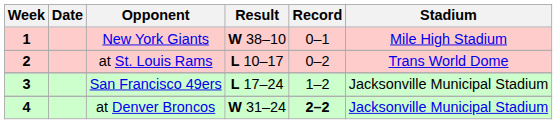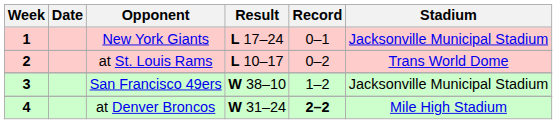 <table class="wikitable" style="text-align:center">
 <tr>
 <th>Week</th>
 <th>Date</th>
 <th>Opponent</th>
 <th>Result</th>
 <th>Record</th>
 <th>Stadium</th>
 </tr>
 <tr style="background: #fcc;">
 <td align="center"><strong>1</strong></td>
 <td></td>
 <td><a href='#'>New York Giants</a></td>
-<td><strong>W</strong> 38–10</td>
+<td><strong>L</strong> 17–24</td>
 <td>0–1</td>
-<td><a href='#'>Mile High Stadium</a></td>
+<td><a href='#'>Jacksonville Municipal Stadium</a></td>
 </tr>
 <tr>
 </tr>
 <tr style="background: #fcc;">
 <td align="center"><strong>2</strong></td>
 <td></td>
 <td>at <a href='#'>St. Louis Rams</a></td>
 <td><strong>L</strong> 10–17</td>
 <td>0–2</td>
 <td><a href='#'>Trans World Dome</a></td>
 </tr>
 <tr>
 </tr>
 <tr style="background: #cfc;">
 <td align="center"><strong>3</strong></td>
 <td></td>
 <td><a href='#'>San Francisco 49ers</a></td>
-<td><strong>L</strong> 17–24</td>
+<td><strong>W</strong> 38–10</td>
 <td>1–2</td>
 <td>Jacksonville Municipal Stadium</td>
 </tr>
 <tr>
 </tr>
 <tr style="background: #cfc;">
 <td align="center"><strong>4</strong></td>
 <td></td>
 <td>at <a href='#'>Denver Broncos</a></td>
 <td><strong>W</strong> 31–24</td>
 <td><strong>2–2</strong></td>
-<td><a href='#'>Jacksonville Municipal Stadium</a></td>
+<td><a href='#'>Mile High Stadium</a></td>
 </tr>
 </table>
